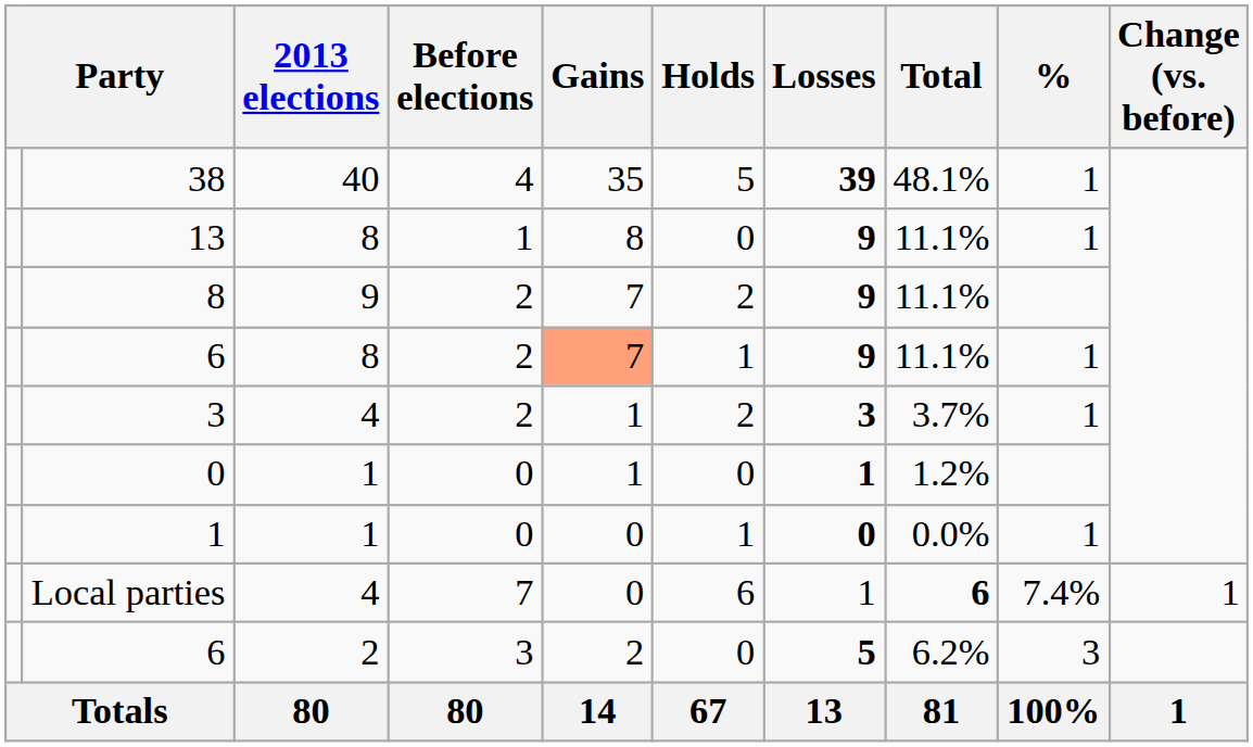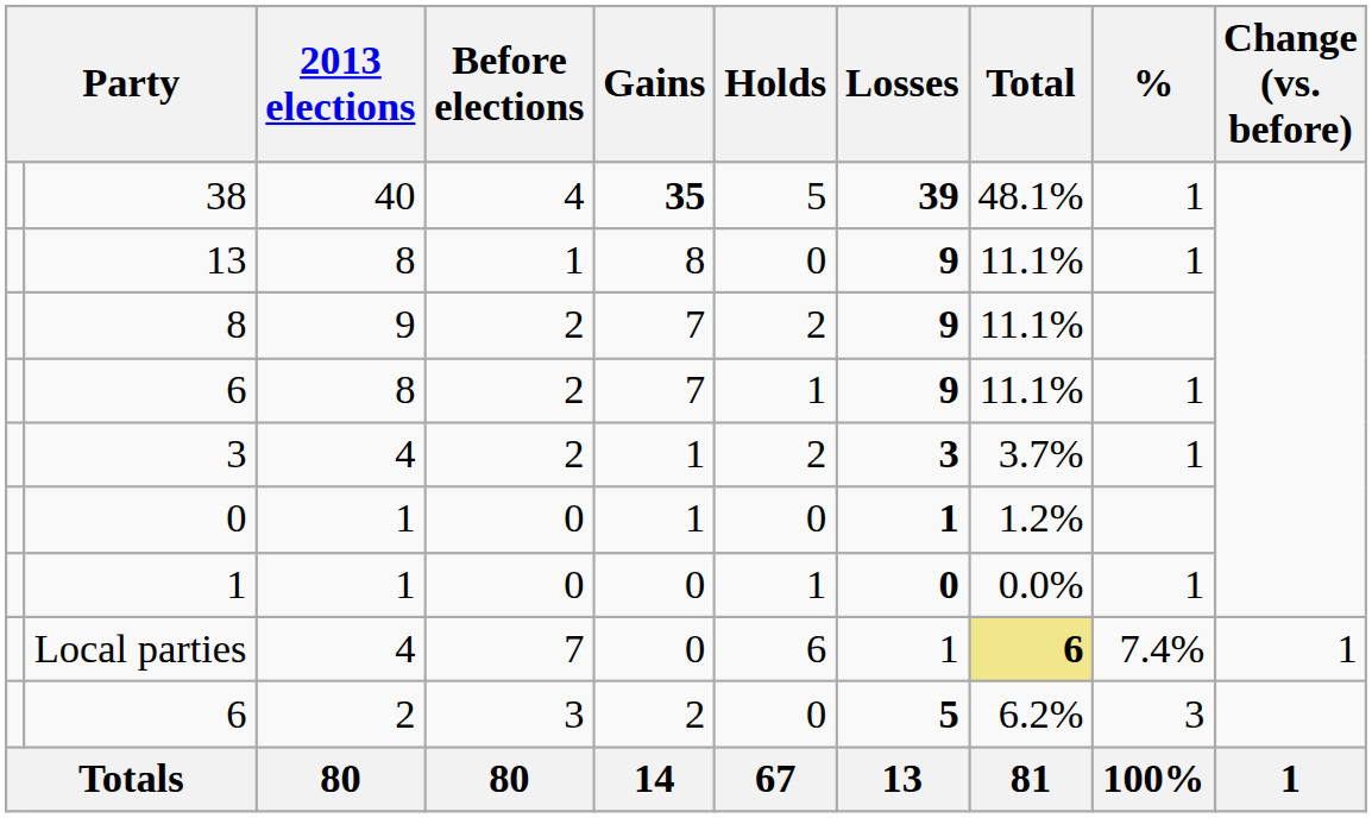 <table class=wikitable style="text-align:right">
 <tr>
 <th colspan=2>Party</th>
 <th width=40px><a href='#'>2013 elections</a></th>
 <th width=40px>Before elections</th>
 <th width=40px>Gains</th>
 <th width=40px>Holds</th>
 <th width=40px>Losses</th>
 <th width=40px>Total</th>
 <th width=40px>%</th>
 <th width=40px>Change (vs. before)</th>
 </tr>
 <tr>
 <td></td>
 <td>38</td>
 <td>40</td>
 <td>4</td>
-<td>35</td>
+<td><strong>35</strong></td>
 <td>5</td>
 <td><strong>39</strong></td>
 <td>48.1%</td>
 <td> 1</td>
 </tr>
 <tr>
 <td></td>
 <td>13</td>
 <td>8</td>
 <td>1</td>
 <td>8</td>
 <td>0</td>
 <td><strong>9</strong></td>
 <td>11.1%</td>
 <td> 1</td>
 </tr>
 <tr>
 <td></td>
 <td>8</td>
 <td>9</td>
 <td>2</td>
 <td>7</td>
 <td>2</td>
 <td><strong>9</strong></td>
 <td>11.1%</td>
 <td></td>
 </tr>
 <tr>
 <td></td>
 <td>6</td>
 <td>8</td>
 <td>2</td>
-<td style="background: lightsalmon;">7</td>
+<td>7</td>
 <td>1</td>
 <td><strong>9</strong></td>
 <td>11.1%</td>
 <td> 1</td>
 </tr>
 <tr>
 <td></td>
 <td>3</td>
 <td>4</td>
 <td>2</td>
 <td>1</td>
 <td>2</td>
 <td><strong>3</strong></td>
 <td>3.7%</td>
 <td> 1</td>
 </tr>
 <tr>
 <td></td>
 <td>0</td>
 <td>1</td>
 <td>0</td>
 <td>1</td>
 <td>0</td>
 <td><strong>1</strong></td>
 <td>1.2%</td>
 <td></td>
 </tr>
 <tr>
 <td></td>
 <td>1</td>
 <td>1</td>
 <td>0</td>
 <td>0</td>
 <td>1</td>
 <td><strong>0</strong></td>
 <td>0.0%</td>
 <td> 1</td>
 </tr>
 <tr>
 <td></td>
 <td align=left>Local parties</td>
 <td>4</td>
 <td>7</td>
 <td>0</td>
 <td>6</td>
 <td>1</td>
-<td><strong>6</strong></td>
+<td style="background: khaki;"><strong>6</strong></td>
 <td>7.4%</td>
 <td> 1</td>
 </tr>
 <tr>
 <td></td>
 <td>6</td>
 <td>2</td>
 <td>3</td>
 <td>2</td>
 <td>0</td>
 <td><strong>5</strong></td>
 <td>6.2%</td>
 <td> 3</td>
 </tr>
 <tr>
 <th colspan=2>Totals</th>
 <th>80</th>
 <th>80</th>
 <th>14</th>
 <th>67</th>
 <th>13</th>
 <th>81</th>
 <th>100%</th>
 <th> 1</th>
 </tr>
 </table>
